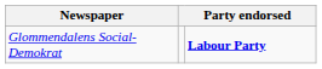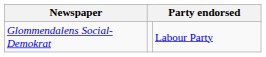 <table class="wikitable">
 <tr>
 <th width=200px>Newspaper</th>
 <th colspan=2>Party endorsed</th>
 </tr>
 <tr>
 <td><em><a href='#'>Glommendalens Social-Demokrat</a></em></td>
 <td style="background-color: "></td>
-<td width=150px><strong><a href='#'>Labour Party</a></strong></td>
+<td width=150px><a href='#'>Labour Party</a></td>
 </tr>
 </table>
